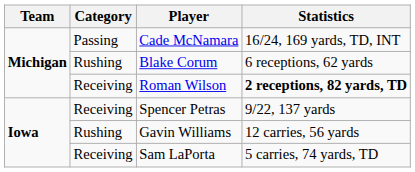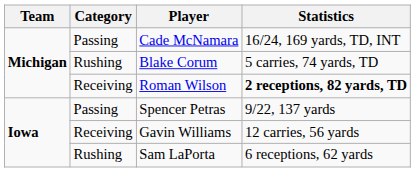 <table class="wikitable" style="float: left;">
 <tr>
 <th>Team</th>
 <th>Category</th>
 <th>Player</th>
 <th>Statistics</th>
 </tr>
 <tr>
 <td rowspan=3><strong>Michigan</strong></td>
 <td>Passing</td>
 <td><a href='#'>Cade McNamara</a></td>
 <td>16/24, 169 yards, TD, INT</td>
 </tr>
 <tr>
 <td>Rushing</td>
 <td><a href='#'>Blake Corum</a></td>
-<td>6 receptions, 62 yards</td>
+<td>5 carries, 74 yards, TD</td>
 </tr>
 <tr>
 <td>Receiving</td>
 <td><a href='#'>Roman Wilson</a></td>
 <td><strong>2 receptions, 82 yards, TD</strong></td>
 </tr>
 <tr>
 <td rowspan=3><strong>Iowa</strong></td>
-<td>Receiving</td>
+<td>Passing</td>
 <td>Spencer Petras</td>
 <td>9/22, 137 yards</td>
 </tr>
 <tr>
-<td>Rushing</td>
+<td>Receiving</td>
 <td>Gavin Williams</td>
 <td>12 carries, 56 yards</td>
 </tr>
 <tr>
-<td>Receiving</td>
+<td>Rushing</td>
 <td>Sam LaPorta</td>
-<td>5 carries, 74 yards, TD</td>
+<td>6 receptions, 62 yards</td>
 </tr>
 </table>
